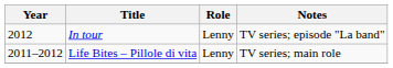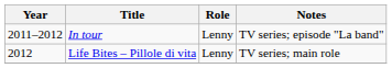 <table class="wikitable sortable">
 <tr>
 <th>Year</th>
 <th>Title</th>
 <th>Role</th>
 <th class="unsortable">Notes</th>
 </tr>
 <tr>
-<td>2012</td>
+<td>2011–2012</td>
 <td><em><a href='#'>In tour</a></td>
 <td>Lenny</td>
 <td>TV series; episode "La band"</td>
 </tr>
 <tr>
-<td>2011–2012</td>
+<td>2012</td>
 <td></em><a href='#'>Life Bites – Pillole di vita</a><em></td>
 <td>Lenny</td>
 <td>TV series; main role</td>
 </tr>
 <tr>
 </tr>
 </table>
